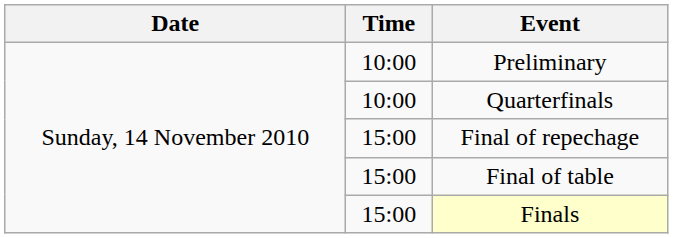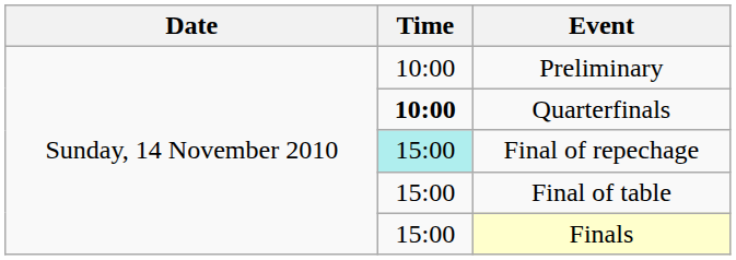 <table class = "wikitable" style="text-align:center;">
 <tr>
 <th width=220>Date</th>
 <th width=50>Time</th>
 <th width=150>Event</th>
 </tr>
 <tr>
 <td rowspan=5>Sunday, 14 November 2010</td>
 <td>10:00</td>
 <td>Preliminary</td>
 </tr>
 <tr>
-<td>10:00</td>
+<td><strong>10:00</strong></td>
 <td>Quarterfinals</td>
 </tr>
 <tr>
-<td>15:00</td>
+<td style="background: paleturquoise;">15:00</td>
 <td>Final of repechage</td>
 </tr>
 <tr>
 <td>15:00</td>
 <td>Final of table</td>
 </tr>
 <tr>
 <td>15:00</td>
 <td bgcolor=ffffcc>Finals</td>
 </tr>
 </table>
